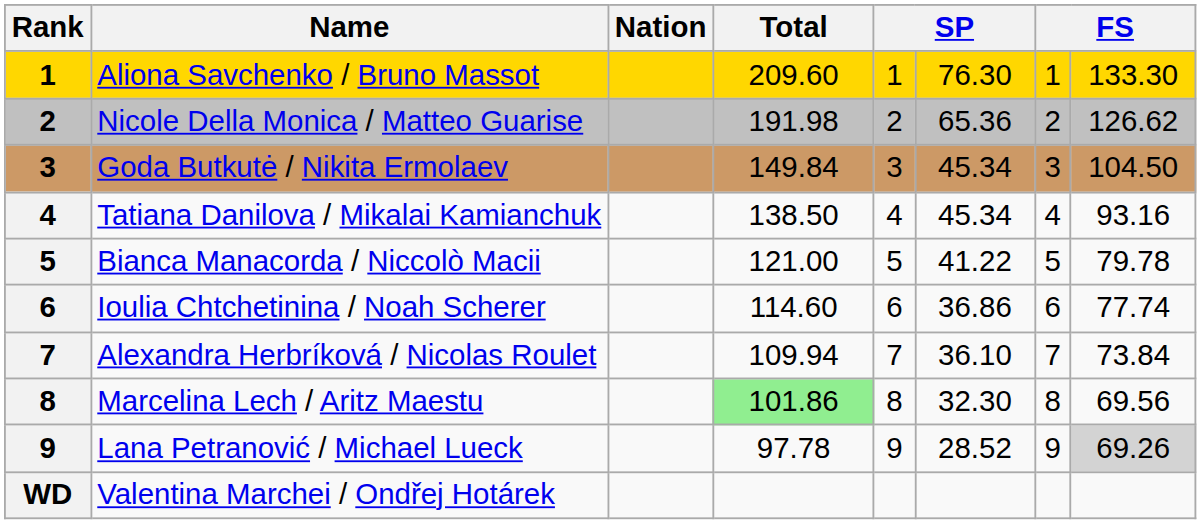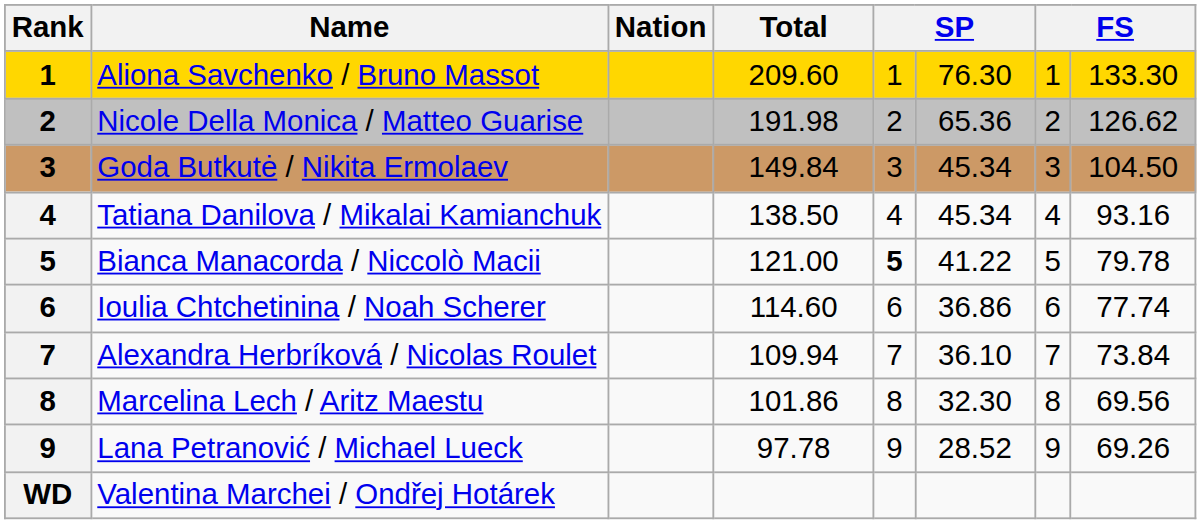 <table class="wikitable sortable">
 <tr>
 <th>Rank</th>
 <th>Name</th>
 <th>Nation</th>
 <th width="80px">Total</th>
 <th colspan="2" width="80px"><a href='#'>SP</a></th>
 <th colspan="2" width="80px"><a href='#'>FS</a></th>
 </tr>
 <tr bgcolor="gold">
 <td align="center"><strong>1</strong></td>
 <td><a href='#'>Aliona Savchenko</a> / <a href='#'>Bruno Massot</a></td>
 <td></td>
 <td align="center">209.60</td>
 <td align="center">1</td>
 <td align="center">76.30</td>
 <td align="center">1</td>
 <td align="center">133.30</td>
 </tr>
 <tr bgcolor="silver">
 <td align="center"><strong>2</strong></td>
 <td><a href='#'>Nicole Della Monica</a> / <a href='#'>Matteo Guarise</a></td>
 <td></td>
 <td align="center">191.98</td>
 <td align="center">2</td>
 <td align="center">65.36</td>
 <td align="center">2</td>
 <td align="center">126.62</td>
 </tr>
 <tr bgcolor="cc9966">
 <td align="center"><strong>3</strong></td>
 <td><a href='#'>Goda Butkutė</a> / <a href='#'>Nikita Ermolaev</a></td>
 <td></td>
 <td align="center">149.84</td>
 <td align="center">3</td>
 <td align="center">45.34</td>
 <td align="center">3</td>
 <td align="center">104.50</td>
 </tr>
 <tr>
 <th>4</th>
 <td><a href='#'>Tatiana Danilova</a> / <a href='#'>Mikalai Kamianchuk</a></td>
 <td></td>
 <td align="center">138.50</td>
 <td align="center">4</td>
 <td align="center">45.34</td>
 <td align="center">4</td>
 <td align="center">93.16</td>
 </tr>
 <tr>
 <th>5</th>
 <td><a href='#'>Bianca Manacorda</a> / <a href='#'>Niccolò Macii</a></td>
 <td></td>
 <td align="center">121.00</td>
-<td align="center">5</td>
+<td align="center"><strong>5</strong></td>
 <td align="center">41.22</td>
 <td align="center">5</td>
 <td align="center">79.78</td>
 </tr>
 <tr>
 <th>6</th>
 <td><a href='#'>Ioulia Chtchetinina</a> / <a href='#'>Noah Scherer</a></td>
 <td></td>
 <td align="center">114.60</td>
 <td align="center">6</td>
 <td align="center">36.86</td>
 <td align="center">6</td>
 <td align="center">77.74</td>
 </tr>
 <tr>
 <th>7</th>
 <td><a href='#'>Alexandra Herbríková</a> / <a href='#'>Nicolas Roulet</a></td>
 <td></td>
 <td align="center">109.94</td>
 <td align="center">7</td>
 <td align="center">36.10</td>
 <td align="center">7</td>
 <td align="center">73.84</td>
 </tr>
 <tr>
 <th>8</th>
 <td><a href='#'>Marcelina Lech</a> / <a href='#'>Aritz Maestu</a></td>
 <td></td>
-<td align="center" style="background: lightgreen;">101.86</td>
+<td align="center">101.86</td>
 <td align="center">8</td>
 <td align="center">32.30</td>
 <td align="center">8</td>
 <td align="center">69.56</td>
 </tr>
 <tr>
 <th>9</th>
 <td><a href='#'>Lana Petranović</a> / <a href='#'>Michael Lueck</a></td>
 <td></td>
 <td align="center">97.78</td>
 <td align="center">9</td>
 <td align="center">28.52</td>
 <td align="center">9</td>
-<td align="center" style="background: lightgrey;">69.26</td>
+<td align="center">69.26</td>
 </tr>
 <tr>
 <th>WD</th>
 <td><a href='#'>Valentina Marchei</a> / <a href='#'>Ondřej Hotárek</a></td>
 <td></td>
 <td align="center"></td>
 <td align="center"></td>
 <td align="center"></td>
 <td align="center"></td>
 <td align="center"></td>
 </tr>
 </table>
